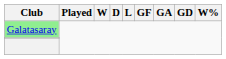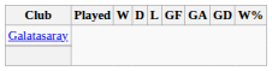 <table class="wikitable sortable" style="text-align: center;">
 <tr>
 <th>Club</th>
 <th>Played</th>
 <th>W</th>
 <th>D</th>
 <th>L</th>
 <th>GF</th>
 <th>GA</th>
 <th>GD</th>
 <th>W%</th>
 </tr>
 <tr>
-<td align=left style="background: lightgreen;"><a href='#'>Galatasaray</a><br></td>
+<td align=left><a href='#'>Galatasaray</a><br></td>
 </tr>
 <tr>
 </tr>
 <tr class="sortbottom">
 <th><br></th>
 </tr>
 </table>
